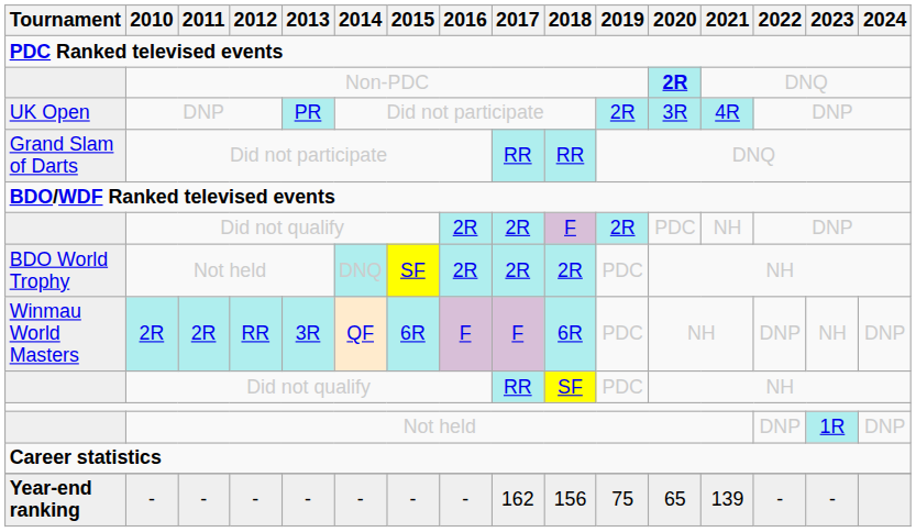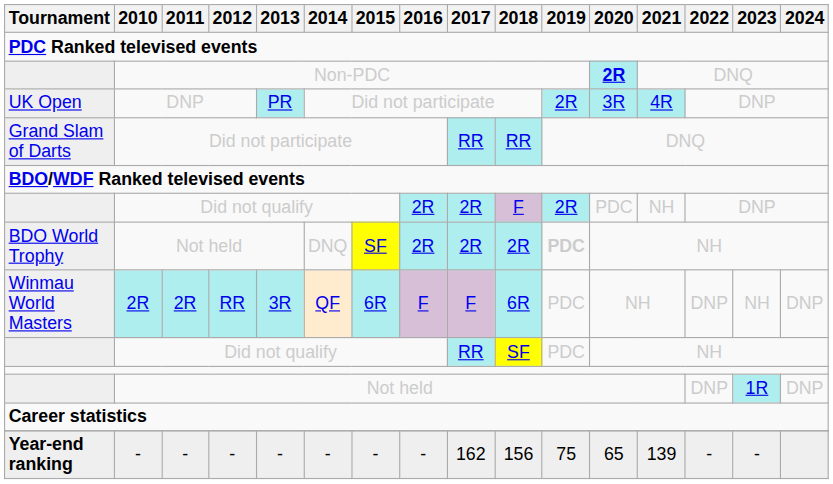 <table class="wikitable" style="width:50%; margin:0">
 <tr>
 <th>Tournament</th>
 <th>2010</th>
 <th>2011</th>
 <th>2012</th>
 <th>2013</th>
 <th>2014</th>
 <th>2015</th>
 <th>2016</th>
 <th>2017</th>
 <th>2018</th>
 <th>2019</th>
 <th>2020</th>
 <th>2021</th>
 <th>2022</th>
 <th>2023</th>
 <th>2024</th>
 </tr>
 <tr>
 <td colspan="20" style="text-align:left"><strong><a href='#'>PDC</a> Ranked televised events</strong></td>
 </tr>
 <tr>
 <td style="background:#efefef;"></td>
 <td colspan="10" style="text-align:center; color:#ccc;">Non-PDC</td>
 <td style="text-align:center; background:#afeeee;"><strong><a href='#'>2R</a></strong></td>
 <td colspan="4" style="text-align:center; color:#ccc">DNQ</td>
 </tr>
 <tr>
 <td style="background:#efefef;"><a href='#'>UK Open</a></td>
 <td colspan="3" style="text-align:center; color:#ccc">DNP</td>
 <td style="text-align:center; background:#afeeee;"><a href='#'>PR</a></td>
 <td colspan="5" style="text-align:center; color:#ccc;">Did not participate</td>
 <td style="text-align:center; background:#afeeee;"><a href='#'>2R</a></td>
 <td style="text-align:center; background:#afeeee;"><a href='#'>3R</a></td>
 <td style="text-align:center; background:#afeeee;"><a href='#'>4R</a></td>
 <td colspan="3" style="text-align:center; color:#ccc">DNP</td>
 </tr>
 <tr>
 <td style="background:#efefef;"><a href='#'>Grand Slam of Darts</a></td>
 <td colspan="7" style="text-align:center; color:#ccc;">Did not participate</td>
 <td style="text-align:center; background:#afeeee;"><a href='#'>RR</a></td>
 <td style="text-align:center; background:#afeeee;"><a href='#'>RR</a></td>
 <td colspan="6" style="text-align:center; color:#ccc;">DNQ</td>
 </tr>
 <tr>
 <td colspan="20" style="text-align:left"><strong><a href='#'>BDO</a>/<a href='#'>WDF</a> Ranked televised events</strong></td>
 </tr>
 <tr>
 <td style="background:#efefef;"></td>
 <td colspan="6" style="text-align:center; color:#ccc;">Did not qualify</td>
 <td style="text-align:center; background:#afeeee;"><a href='#'>2R</a></td>
 <td style="text-align:center; background:#afeeee;"><a href='#'>2R</a></td>
 <td style="text-align:center; background:thistle;"><a href='#'>F</a></td>
 <td style="text-align:center; background:#afeeee;"><a href='#'>2R</a></td>
 <td colspan="1" style="text-align:center; color:#ccc;">PDC</td>
 <td colspan="1" style="text-align:center; color:#ccc;">NH</td>
 <td colspan="3" style="text-align:center; color:#ccc;">DNP</td>
 </tr>
 <tr>
 <td style="background:#efefef;"><a href='#'>BDO World Trophy</a></td>
 <td colspan="4" style="text-align:center; color:#ccc;">Not held</td>
-<td style="background: paleturquoise; text-align:center; color:#ccc;">DNQ</td>
+<td style="text-align:center; color:#ccc;">DNQ</td>
 <td style="text-align:center; background:yellow;"><a href='#'>SF</a></td>
 <td style="text-align:center; background:#afeeee;"><a href='#'>2R</a></td>
 <td style="text-align:center; background:#afeeee;"><a href='#'>2R</a></td>
 <td style="text-align:center; background:#afeeee;"><a href='#'>2R</a></td>
-<td colspan="1" style="text-align:center; color:#ccc;">PDC</td>
+<td colspan="1" style="text-align:center; color:#ccc;"><strong>PDC</strong></td>
 <td colspan="5" style="text-align:center; color:#ccc;">NH</td>
 </tr>
 <tr>
 <td style="background:#efefef;"><a href='#'>Winmau World Masters</a></td>
 <td style="text-align:center; background:#afeeee;"><a href='#'>2R</a></td>
 <td style="text-align:center; background:#afeeee;"><a href='#'>2R</a></td>
 <td style="text-align:center; background:#afeeee;"><a href='#'>RR</a></td>
 <td style="text-align:center; background:#afeeee;"><a href='#'>3R</a></td>
 <td style="text-align:center; background:#ffebcd;"><a href='#'>QF</a></td>
 <td style="text-align:center; background:#afeeee;"><a href='#'>6R</a></td>
 <td style="text-align:center; background:thistle;"><a href='#'>F</a></td>
 <td style="text-align:center; background:thistle;"><a href='#'>F</a></td>
 <td style="text-align:center; background:#afeeee;"><a href='#'>6R</a></td>
 <td colspan="1" style="text-align:center; color:#ccc;">PDC</td>
 <td colspan="2" style="text-align:center; color:#ccc;">NH</td>
 <td colspan="1" style="text-align:center; color:#ccc;">DNP</td>
 <td colspan="1" style="text-align:center; color:#ccc;">NH</td>
 <td colspan="1" style="text-align:center; color:#ccc;">DNP</td>
 </tr>
 <tr>
 <td style="background:#efefef;"></td>
 <td colspan="7" style="text-align:center; color:#ccc;">Did not qualify</td>
 <td style="text-align:center; background:#afeeee;"><a href='#'>RR</a></td>
 <td style="text-align:center; background:yellow;"><a href='#'>SF</a></td>
 <td colspan="1" style="text-align:center; color:#ccc;">PDC</td>
 <td colspan="5" style="text-align:center; color:#ccc;">NH</td>
 </tr>
 <tr>
 <td colspan="20" align="left"></td>
 </tr>
 <tr>
 <td style="background:#efefef;"></td>
 <td colspan="12" style="text-align:center; color:#ccc;">Not held</td>
 <td style="text-align:center; color:#ccc;">DNP</td>
 <td style="text-align:center; background:#afeeee;"><a href='#'>1R</a></td>
 <td style="text-align:center; color:#ccc;">DNP</td>
 </tr>
 <tr>
 <td colspan="20" align="left"><strong>Career statistics</strong></td>
 </tr>
 <tr>
 </tr>
 <tr bgcolor="efefef">
 <td align="left"><strong>Year-end ranking</strong></td>
 <td style="text-align:center;">-</td>
 <td style="text-align:center;">-</td>
 <td style="text-align:center;">-</td>
 <td style="text-align:center;">-</td>
 <td style="text-align:center;">-</td>
 <td style="text-align:center;">-</td>
 <td style="text-align:center;">-</td>
 <td style="text-align:center;">162</td>
 <td style="text-align:center;">156</td>
 <td style="text-align:center;">75</td>
 <td style="text-align:center;">65</td>
 <td style="text-align:center;">139</td>
 <td style="text-align:center;">-</td>
 <td style="text-align:center;">-</td>
 <td style="text-align:center;"></td>
 </tr>
 </table>
